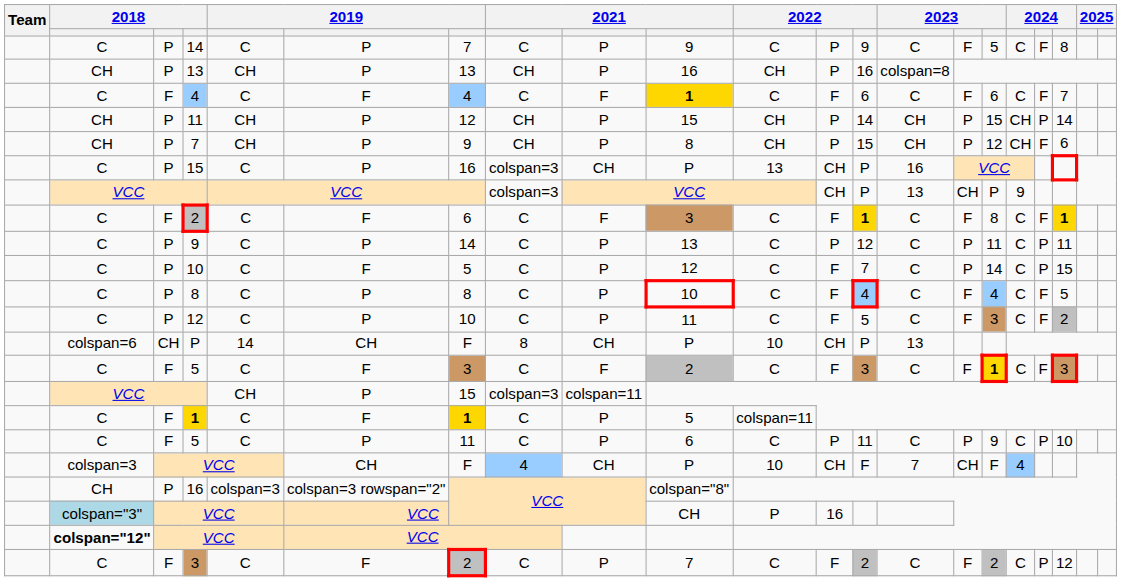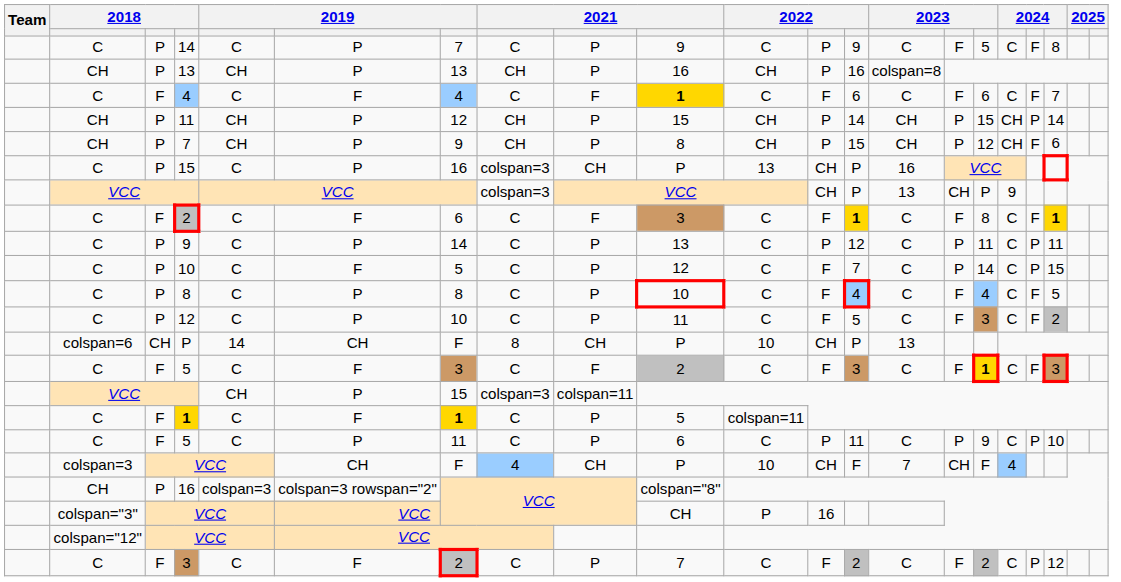 <table class="wikitable sortable sticky-table-row1 sticky-table-col1" style="text-align:center;font-size:90%;white-space:nowrap">
 <tr>
 <th rowspan=2>Team</th>
 <th colspan=3><a href='#'>2018</a></th>
 <th colspan=3><a href='#'>2019</a></th>
 <th colspan=3><a href='#'>2021</a></th>
 <th colspan=3><a href='#'>2022</a></th>
 <th colspan=3><a href='#'>2023</a></th>
 <th colspan=3><a href='#'>2024</a></th>
 <th colspan=2><a href='#'>2025</a></th>
 </tr>
 <tr>
 <th></th>
 <th></th>
 <th data-sort-type=number></th>
 <th></th>
 <th></th>
 <th data-sort-type=number width=28></th>
 <th></th>
 <th></th>
 <th data-sort-type=number></th>
 <th></th>
 <th width=28></th>
 <th data-sort-type=number></th>
 <th></th>
 <th></th>
 <th data-sort-type=number></th>
 <th></th>
 <th></th>
 <th data-sort-type=number></th>
 <th></th>
 <th data-sort-type=number></th>
 </tr>
 <tr>
 <td align="left"></td>
 <td>C</td>
 <td>P</td>
 <td>14</td>
 <td>C</td>
 <td>P</td>
 <td>7</td>
 <td>C</td>
 <td>P</td>
 <td>9</td>
 <td>C</td>
 <td>P</td>
 <td>9</td>
 <td>C</td>
 <td>F</td>
 <td>5</td>
 <td>C</td>
 <td>F</td>
 <td>8</td>
 <td></td>
 <td></td>
 </tr>
 <tr>
 <td align="left"></td>
 <td>CH </td>
 <td>P</td>
 <td>13</td>
 <td>CH </td>
 <td>P</td>
 <td>13</td>
 <td>CH </td>
 <td>P</td>
 <td>16</td>
 <td>CH </td>
 <td>P</td>
 <td>16</td>
 <td>colspan=8 </td>
 </tr>
 <tr>
 <td align="left"></td>
 <td>C</td>
 <td>F</td>
 <td bgcolor="9acdff">4</td>
 <td>C</td>
 <td>F</td>
 <td bgcolor="9acdff">4</td>
 <td>C</td>
 <td>F</td>
 <td bgcolor="gold"><strong>1</strong></td>
 <td>C</td>
 <td>F</td>
 <td>6</td>
 <td>C</td>
 <td>F</td>
 <td>6</td>
 <td>C</td>
 <td>F</td>
 <td>7</td>
 <td></td>
 <td></td>
 </tr>
 <tr>
 <td align="left"></td>
 <td>CH </td>
 <td>P</td>
 <td>11</td>
 <td>CH </td>
 <td>P</td>
 <td>12</td>
 <td>CH </td>
 <td>P</td>
 <td>15</td>
 <td>CH </td>
 <td>P</td>
 <td>14</td>
 <td>CH </td>
 <td>P</td>
 <td>15</td>
 <td>CH </td>
 <td>P</td>
 <td>14</td>
 <td></td>
 <td></td>
 </tr>
 <tr>
 <td align="left"></td>
 <td>CH </td>
 <td>P</td>
 <td>7</td>
 <td>CH </td>
 <td>P</td>
 <td>9</td>
 <td>CH </td>
 <td>P</td>
 <td>8</td>
 <td>CH </td>
 <td>P</td>
 <td>15</td>
 <td>CH </td>
 <td>P</td>
 <td>12</td>
 <td>CH </td>
 <td>F</td>
 <td>6</td>
 <td></td>
 <td></td>
 </tr>
 <tr>
 <td align="left"></td>
 <td>C</td>
 <td>P</td>
 <td>15</td>
 <td>C</td>
 <td>P</td>
 <td>16</td>
 <td>colspan=3 </td>
 <td>CH </td>
 <td>P</td>
 <td>13</td>
 <td>CH </td>
 <td>P</td>
 <td>16</td>
 <td style="background:moccasin" colspan=3><em><a href='#'>VCC</a></em> </td>
 <td></td>
 <td style="border:3px solid red"></td>
 </tr>
 <tr>
 <td align="left"></td>
 <td style="background:moccasin" colspan=3><em><a href='#'>VCC</a></em></td>
 <td style="background:moccasin" colspan=3><em><a href='#'>VCC</a></em></td>
 <td>colspan=3 </td>
 <td style="background:moccasin" colspan=3><em><a href='#'>VCC</a></em> </td>
 <td>CH </td>
 <td>P</td>
 <td>13</td>
 <td>CH </td>
 <td>P</td>
 <td>9</td>
 <td></td>
 <td></td>
 </tr>
 <tr>
 <td align="left"></td>
 <td>C</td>
 <td>F</td>
 <td style="border:3px solid red" bgcolor="silver">2</td>
 <td>C</td>
 <td>F</td>
 <td>6</td>
 <td>C</td>
 <td>F</td>
 <td bgcolor="#cc9966">3</td>
 <td>C</td>
 <td>F</td>
 <td bgcolor="gold"><strong>1</strong></td>
 <td>C</td>
 <td>F</td>
 <td>8</td>
 <td>C</td>
 <td>F</td>
 <td bgcolor="gold"><strong>1</strong></td>
 <td></td>
 <td></td>
 </tr>
 <tr>
 <td align="left"></td>
 <td>C</td>
 <td>P</td>
 <td>9</td>
 <td>C</td>
 <td>P</td>
 <td>14</td>
 <td>C</td>
 <td>P</td>
 <td>13</td>
 <td>C</td>
 <td>P</td>
 <td>12</td>
 <td>C</td>
 <td>P</td>
 <td>11</td>
 <td>C</td>
 <td>P</td>
 <td>11</td>
 <td></td>
 <td></td>
 </tr>
 <tr>
 <td align="left"></td>
 <td>C</td>
 <td>P</td>
 <td>10</td>
 <td>C</td>
 <td>F</td>
 <td>5</td>
 <td>C</td>
 <td>P</td>
 <td>12</td>
 <td>C</td>
 <td>F</td>
 <td>7</td>
 <td>C</td>
 <td>P</td>
 <td>14</td>
 <td>C</td>
 <td>P</td>
 <td>15</td>
 <td></td>
 <td></td>
 </tr>
 <tr>
 <td align="left"></td>
 <td>C</td>
 <td>P</td>
 <td>8</td>
 <td>C</td>
 <td>P</td>
 <td>8</td>
 <td>C</td>
 <td>P</td>
 <td style="border:3px solid red">10</td>
 <td>C</td>
 <td>F</td>
 <td style="border:3px solid red" bgcolor="9acdff">4</td>
 <td>C</td>
 <td>F</td>
 <td bgcolor="9acdff">4</td>
 <td>C</td>
 <td>F</td>
 <td>5</td>
 <td></td>
 <td></td>
 </tr>
 <tr>
 <td align="left"></td>
 <td>C</td>
 <td>P</td>
 <td>12</td>
 <td>C</td>
 <td>P</td>
 <td>10</td>
 <td>C</td>
 <td>P</td>
 <td>11</td>
 <td>C</td>
 <td>F</td>
 <td>5</td>
 <td>C</td>
 <td>F</td>
 <td bgcolor="cc9966">3</td>
 <td>C</td>
 <td>F</td>
 <td bgcolor="silver">2</td>
 <td></td>
 <td></td>
 </tr>
 <tr>
 <td align="left"></td>
 <td>colspan=6 </td>
 <td>CH </td>
 <td>P</td>
 <td>14</td>
 <td>CH </td>
 <td>F</td>
 <td>8</td>
 <td>CH </td>
 <td>P</td>
 <td>10</td>
 <td>CH </td>
 <td>P</td>
 <td>13</td>
 <td></td>
 <td></td>
 </tr>
 <tr>
 <td align="left"></td>
 <td>C</td>
 <td>F</td>
 <td>5</td>
 <td>C</td>
 <td>F</td>
 <td bgcolor="cc9966">3</td>
 <td>C</td>
 <td>F</td>
 <td bgcolor="silver">2</td>
 <td>C</td>
 <td>F</td>
 <td bgcolor="cc9966">3</td>
 <td>C</td>
 <td>F</td>
 <td style="border:3px solid red" bgcolor="gold"><strong>1</strong></td>
 <td>C</td>
 <td>F</td>
 <td style="border:3px solid red" bgcolor="cc9966">3</td>
 <td></td>
 <td></td>
 </tr>
 <tr>
 <td align="left"></td>
 <td style="background:moccasin" colspan=3><em><a href='#'>VCC</a></em> </td>
 <td>CH </td>
 <td>P</td>
 <td>15</td>
 <td>colspan=3 </td>
 <td>colspan=11 </td>
 </tr>
 <tr>
 <td align="left"></td>
 <td>C</td>
 <td>F</td>
 <td bgcolor="gold"><strong>1</strong></td>
 <td>C</td>
 <td>F</td>
 <td bgcolor="gold"><strong>1</strong></td>
 <td>C</td>
 <td>P</td>
 <td>5</td>
 <td>colspan=11 </td>
 </tr>
 <tr>
 <td align="left"></td>
 <td>C</td>
 <td>F</td>
 <td>5</td>
 <td>C</td>
 <td>P</td>
 <td>11</td>
 <td>C</td>
 <td>P</td>
 <td>6</td>
 <td>C</td>
 <td>P</td>
 <td>11</td>
 <td>C</td>
 <td>P</td>
 <td>9</td>
 <td>C</td>
 <td>P</td>
 <td>10</td>
 <td></td>
 <td></td>
 </tr>
 <tr>
 <td align="left"></td>
 <td>colspan=3 </td>
 <td style="background:moccasin" colspan=3><em><a href='#'>VCC</a></em> </td>
 <td>CH </td>
 <td>F</td>
 <td bgcolor="9acdff">4</td>
 <td>CH </td>
 <td>P</td>
 <td>10</td>
 <td>CH </td>
 <td>F</td>
 <td>7</td>
 <td>CH </td>
 <td>F</td>
 <td bgcolor="9acdff">4</td>
 <td></td>
 <td></td>
 </tr>
 <tr>
 <td align="left"></td>
 <td>CH </td>
 <td>P</td>
 <td>16</td>
 <td>colspan=3 </td>
 <td>colspan=3 rowspan="2" </td>
 <td style="background:moccasin" colspan=3 rowspan=2><em><a href='#'>VCC</a></em></td>
 <td>colspan="8" </td>
 </tr>
 <tr>
 <td align="left"></td>
-<td style="background: lightblue;">colspan="3" </td>
+<td>colspan="3" </td>
 <td style="background:moccasin" colspan="3"><em><a href='#'>VCC</a></em></td>
 <td style="background:moccasin" colspan="3"><em><a href='#'>VCC</a></em> </td>
 <td>CH</td>
 <td>P</td>
 <td>16</td>
 <td></td>
 <td></td>
 </tr>
 <tr>
 <td align="left"></td>
-<td><strong>colspan="12" </strong></td>
+<td>colspan="12" </td>
 <td style="background:moccasin" colspan="3"><em><a href='#'>VCC</a></em></td>
 <td style="background:moccasin" colspan="3"><em><a href='#'>VCC</a></em></td>
 <td></td>
 <td></td>
 </tr>
 <tr>
 <td align="left"></td>
 <td>C</td>
 <td>F</td>
 <td bgcolor="cc9966">3</td>
 <td>C</td>
 <td>F</td>
 <td style="border:3px solid red" bgcolor="silver">2</td>
 <td>C</td>
 <td>P</td>
 <td>7</td>
 <td>C</td>
 <td>F</td>
 <td bgcolor="silver">2</td>
 <td>C</td>
 <td>F</td>
 <td bgcolor="silver">2</td>
 <td>C</td>
 <td>P</td>
 <td>12</td>
 <td></td>
 <td></td>
 </tr>
 </table>
